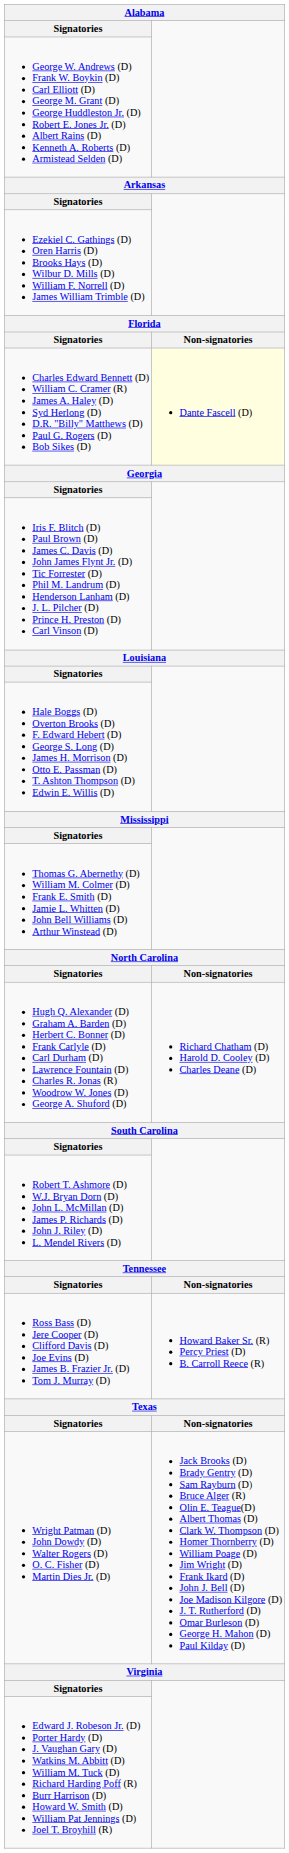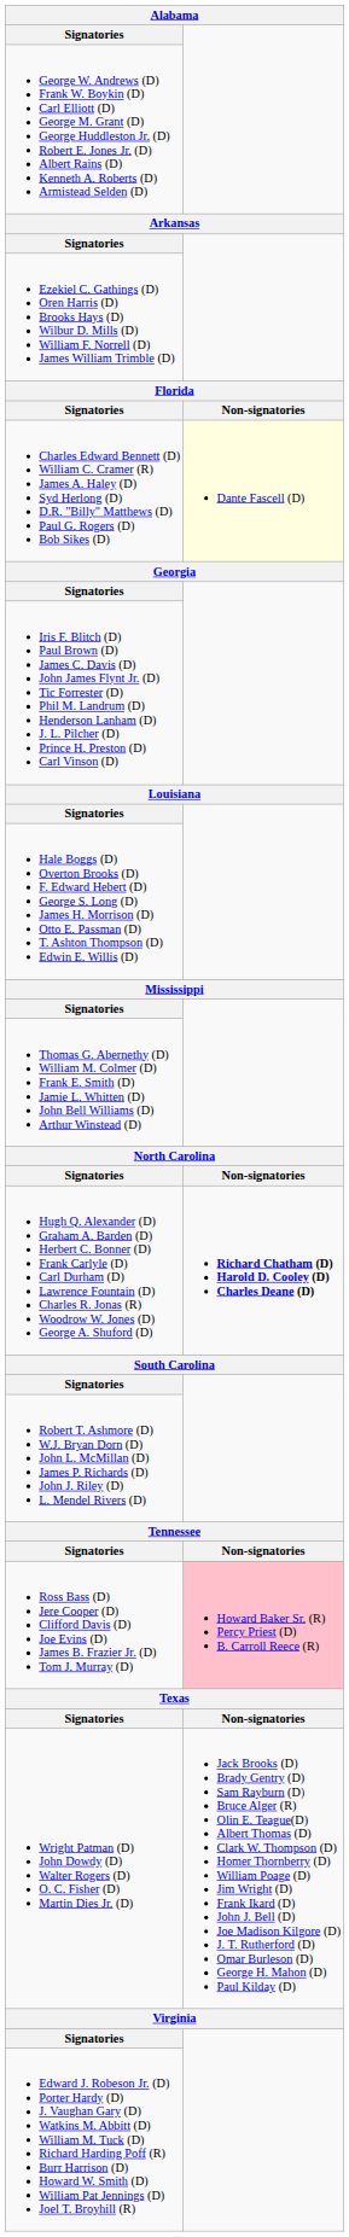 <table class="wikitable">
 <tr>
 <th colspan=2><a href='#'>Alabama</a></th>
 </tr>
 <tr>
 <th>Signatories</th>
 </tr>
 <tr>
 <td><br><ul><li><a href='#'>George W. Andrews</a> (D)</li><li><a href='#'>Frank W. Boykin</a> (D)</li><li><a href='#'>Carl Elliott</a> (D)</li><li><a href='#'>George M. Grant</a> (D)</li><li><a href='#'>George Huddleston Jr.</a> (D)</li><li><a href='#'>Robert E. Jones Jr.</a> (D)</li><li><a href='#'>Albert Rains</a> (D)</li><li><a href='#'>Kenneth A. Roberts</a> (D)</li><li><a href='#'>Armistead Selden</a> (D)</li></ul></td>
 </tr>
 <tr>
 <th colspan=2><a href='#'>Arkansas</a></th>
 </tr>
 <tr>
 <th>Signatories</th>
 </tr>
 <tr>
 <td><br><ul><li><a href='#'>Ezekiel C. Gathings</a> (D)</li><li><a href='#'>Oren Harris</a> (D)</li><li><a href='#'>Brooks Hays</a> (D)</li><li><a href='#'>Wilbur D. Mills</a> (D)</li><li><a href='#'>William F. Norrell</a> (D)</li><li><a href='#'>James William Trimble</a> (D)</li></ul></td>
 </tr>
 <tr>
 <th colspan=2><a href='#'>Florida</a></th>
 </tr>
 <tr>
 <th>Signatories</th>
 <th>Non-signatories</th>
 </tr>
 <tr>
 <td><br><ul><li><a href='#'>Charles Edward Bennett</a> (D)</li><li><a href='#'>William C. Cramer</a> (R)</li><li><a href='#'>James A. Haley</a> (D)</li><li><a href='#'>Syd Herlong</a> (D)</li><li><a href='#'>D.R. "Billy" Matthews</a> (D)</li><li><a href='#'>Paul G. Rogers</a> (D)</li><li><a href='#'>Bob Sikes</a> (D)</li></ul></td>
 <td style="background: lightyellow;"><br><ul><li><a href='#'>Dante Fascell</a> (D)</li></ul></td>
 </tr>
 <tr>
 <th colspan=2><a href='#'>Georgia</a></th>
 </tr>
 <tr>
 <th>Signatories</th>
 </tr>
 <tr>
 <td><br><ul><li><a href='#'>Iris F. Blitch</a> (D)</li><li><a href='#'>Paul Brown</a> (D)</li><li><a href='#'>James C. Davis</a> (D)</li><li><a href='#'>John James Flynt Jr.</a> (D)</li><li><a href='#'>Tic Forrester</a> (D)</li><li><a href='#'>Phil M. Landrum</a> (D)</li><li><a href='#'>Henderson Lanham</a> (D)</li><li><a href='#'>J. L. Pilcher</a> (D)</li><li><a href='#'>Prince H. Preston</a> (D)</li><li><a href='#'>Carl Vinson</a> (D)</li></ul></td>
 </tr>
 <tr>
 <th colspan=2><a href='#'>Louisiana</a></th>
 </tr>
 <tr>
 <th>Signatories</th>
 </tr>
 <tr>
 <td><br><ul><li><a href='#'>Hale Boggs</a> (D)</li><li><a href='#'>Overton Brooks</a> (D)</li><li><a href='#'>F. Edward Hebert</a> (D)</li><li><a href='#'>George S. Long</a> (D)</li><li><a href='#'>James H. Morrison</a> (D)</li><li><a href='#'>Otto E. Passman</a> (D)</li><li><a href='#'>T. Ashton Thompson</a> (D)</li><li><a href='#'>Edwin E. Willis</a> (D)</li></ul></td>
 </tr>
 <tr>
 <th colspan=2><a href='#'>Mississippi</a></th>
 </tr>
 <tr>
 <th>Signatories</th>
 </tr>
 <tr>
 <td><br><ul><li><a href='#'>Thomas G. Abernethy</a> (D)</li><li><a href='#'>William M. Colmer</a> (D)</li><li><a href='#'>Frank E. Smith</a> (D)</li><li><a href='#'>Jamie L. Whitten</a> (D)</li><li><a href='#'>John Bell Williams</a> (D)</li><li><a href='#'>Arthur Winstead</a> (D)</li></ul></td>
 </tr>
 <tr>
 <th colspan=2><a href='#'>North Carolina</a></th>
 </tr>
 <tr>
 <th>Signatories</th>
 <th>Non-signatories</th>
 </tr>
 <tr>
 <td><br><ul><li><a href='#'>Hugh Q. Alexander</a> (D)</li><li><a href='#'>Graham A. Barden</a> (D)</li><li><a href='#'>Herbert C. Bonner</a> (D)</li><li><a href='#'>Frank Carlyle</a> (D)</li><li><a href='#'>Carl Durham</a> (D)</li><li><a href='#'>Lawrence Fountain</a> (D)</li><li><a href='#'>Charles R. Jonas</a> (R)</li><li><a href='#'>Woodrow W. Jones</a> (D)</li><li><a href='#'>George A. Shuford</a> (D)</li></ul></td>
-<td><br><ul><li><a href='#'>Richard Chatham</a> (D)</li><li><a href='#'>Harold D. Cooley</a> (D)</li><li><a href='#'>Charles Deane</a> (D)</li></ul></td>
+<td><strong><br><ul><li><a href='#'>Richard Chatham</a> (D)</li><li><a href='#'>Harold D. Cooley</a> (D)</li><li><a href='#'>Charles Deane</a> (D)</li></ul></strong></td>
 </tr>
 <tr>
 <th colspan=2><a href='#'>South Carolina</a></th>
 </tr>
 <tr>
 <th>Signatories</th>
 </tr>
 <tr>
 <td><br><ul><li><a href='#'>Robert T. Ashmore</a> (D)</li><li><a href='#'>W.J. Bryan Dorn</a> (D)</li><li><a href='#'>John L. McMillan</a> (D)</li><li><a href='#'>James P. Richards</a> (D)</li><li><a href='#'>John J. Riley</a> (D)</li><li><a href='#'>L. Mendel Rivers</a> (D)</li></ul></td>
 </tr>
 <tr>
 <th colspan=2><a href='#'>Tennessee</a></th>
 </tr>
 <tr>
 <th>Signatories</th>
 <th>Non-signatories</th>
 </tr>
 <tr>
 <td><br><ul><li><a href='#'>Ross Bass</a> (D)</li><li><a href='#'>Jere Cooper</a> (D)</li><li><a href='#'>Clifford Davis</a> (D)</li><li><a href='#'>Joe Evins</a> (D)</li><li><a href='#'>James B. Frazier Jr.</a> (D)</li><li><a href='#'>Tom J. Murray</a> (D)</li></ul></td>
-<td><br><ul><li><a href='#'>Howard Baker Sr.</a> (R)</li><li><a href='#'>Percy Priest</a> (D)</li><li><a href='#'>B. Carroll Reece</a> (R)</li></ul></td>
+<td style="background: pink;"><br><ul><li><a href='#'>Howard Baker Sr.</a> (R)</li><li><a href='#'>Percy Priest</a> (D)</li><li><a href='#'>B. Carroll Reece</a> (R)</li></ul></td>
 </tr>
 <tr>
 <th colspan=2><a href='#'>Texas</a></th>
 </tr>
 <tr>
 <th>Signatories</th>
 <th>Non-signatories</th>
 </tr>
 <tr>
 <td><br><ul><li><a href='#'>Wright Patman</a> (D)</li><li><a href='#'>John Dowdy</a> (D)</li><li><a href='#'>Walter Rogers</a> (D)</li><li><a href='#'>O. C. Fisher</a> (D)</li><li><a href='#'>Martin Dies Jr.</a> (D)</li></ul></td>
 <td><br><ul><li><a href='#'>Jack Brooks</a> (D)</li><li><a href='#'>Brady Gentry</a> (D)</li><li><a href='#'>Sam Rayburn</a> (D)</li><li><a href='#'>Bruce Alger</a> (R)</li><li><a href='#'>Olin E. Teague</a>(D)</li><li><a href='#'>Albert Thomas</a> (D)</li><li><a href='#'>Clark W. Thompson</a> (D)</li><li><a href='#'>Homer Thornberry</a> (D)</li><li><a href='#'>William Poage</a> (D)</li><li><a href='#'>Jim Wright</a> (D)</li><li><a href='#'>Frank Ikard</a> (D)</li><li><a href='#'>John J. Bell</a> (D)</li><li><a href='#'>Joe Madison Kilgore</a> (D)</li><li><a href='#'>J. T. Rutherford</a> (D)</li><li><a href='#'>Omar Burleson</a> (D)</li><li><a href='#'>George H. Mahon</a> (D)</li><li><a href='#'>Paul Kilday</a> (D)</li></ul></td>
 </tr>
 <tr>
 <th colspan=2><a href='#'>Virginia</a></th>
 </tr>
 <tr>
 <th>Signatories</th>
 </tr>
 <tr>
 <td><br><ul><li><a href='#'>Edward J. Robeson Jr.</a> (D)</li><li><a href='#'>Porter Hardy</a> (D)</li><li><a href='#'>J. Vaughan Gary</a> (D)</li><li><a href='#'>Watkins M. Abbitt</a> (D)</li><li><a href='#'>William M. Tuck</a> (D)</li><li><a href='#'>Richard Harding Poff</a> (R)</li><li><a href='#'>Burr Harrison</a> (D)</li><li><a href='#'>Howard W. Smith</a> (D)</li><li><a href='#'>William Pat Jennings</a> (D)</li><li><a href='#'>Joel T. Broyhill</a> (R)</li></ul></td>
 </tr>
 </table>
